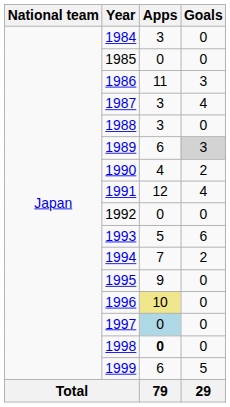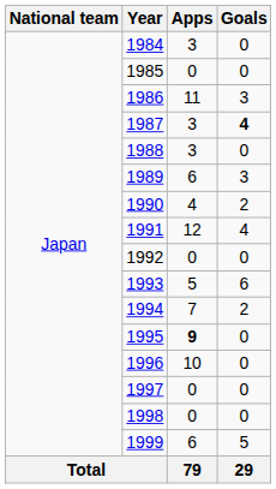 <table class="wikitable" style="text-align:center">
 <tr>
 <th>National team</th>
 <th>Year</th>
 <th>Apps</th>
 <th>Goals</th>
 </tr>
 <tr>
 <td rowspan="16"><a href='#'>Japan</a></td>
 <td><a href='#'>1984</a></td>
 <td>3</td>
 <td>0</td>
 </tr>
 <tr>
 <td>1985</td>
 <td>0</td>
 <td>0</td>
 </tr>
 <tr>
 <td><a href='#'>1986</a></td>
 <td>11</td>
 <td>3</td>
 </tr>
 <tr>
 <td><a href='#'>1987</a></td>
 <td>3</td>
-<td>4</td>
+<td><strong>4</strong></td>
 </tr>
 <tr>
 <td><a href='#'>1988</a></td>
 <td>3</td>
 <td>0</td>
 </tr>
 <tr>
 <td><a href='#'>1989</a></td>
 <td>6</td>
-<td style="background: lightgrey;">3</td>
+<td>3</td>
 </tr>
 <tr>
 <td><a href='#'>1990</a></td>
 <td>4</td>
 <td>2</td>
 </tr>
 <tr>
 <td><a href='#'>1991</a></td>
 <td>12</td>
 <td>4</td>
 </tr>
 <tr>
 <td>1992</td>
 <td>0</td>
 <td>0</td>
 </tr>
 <tr>
 <td><a href='#'>1993</a></td>
 <td>5</td>
 <td>6</td>
 </tr>
 <tr>
 <td><a href='#'>1994</a></td>
 <td>7</td>
 <td>2</td>
 </tr>
 <tr>
 <td><a href='#'>1995</a></td>
-<td>9</td>
+<td><strong>9</strong></td>
 <td>0</td>
 </tr>
 <tr>
 <td><a href='#'>1996</a></td>
-<td style="background: khaki;">10</td>
+<td>10</td>
 <td>0</td>
 </tr>
 <tr>
 <td><a href='#'>1997</a></td>
-<td style="background: lightblue;">0</td>
+<td>0</td>
 <td>0</td>
 </tr>
 <tr>
 <td><a href='#'>1998</a></td>
-<td><strong>0</strong></td>
+<td>0</td>
 <td>0</td>
 </tr>
 <tr>
 <td><a href='#'>1999</a></td>
 <td>6</td>
 <td>5</td>
 </tr>
 <tr>
 <th colspan="2">Total</th>
 <th>79</th>
 <th>29</th>
 </tr>
 </table>
